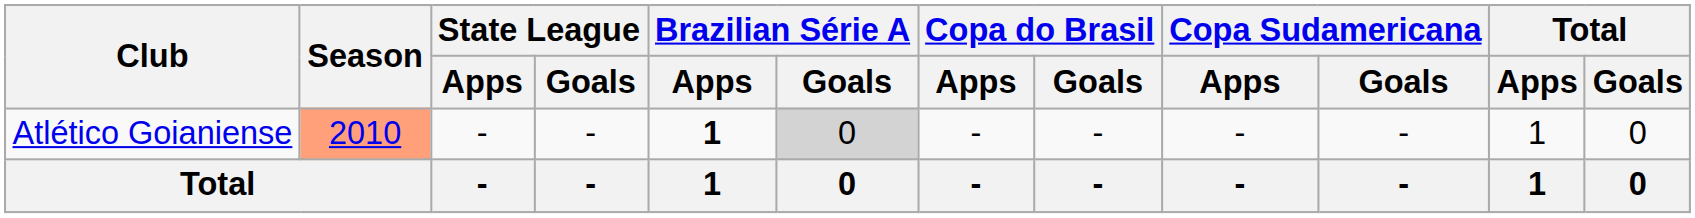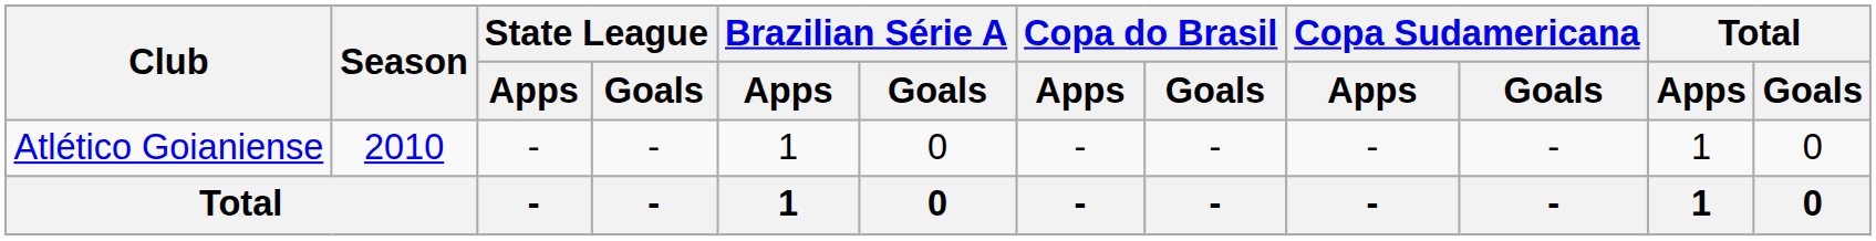 <table class="wikitable" style="text-align: center;">
 <tr>
 <th rowspan="2">Club</th>
 <th rowspan="2">Season</th>
 <th colspan="2">State League</th>
 <th colspan="2"><a href='#'>Brazilian Série A</a></th>
 <th colspan="2"><a href='#'>Copa do Brasil</a></th>
 <th colspan="2"><a href='#'>Copa Sudamericana</a></th>
 <th colspan="2">Total</th>
 </tr>
 <tr>
 <th>Apps</th>
 <th>Goals</th>
 <th>Apps</th>
 <th>Goals</th>
 <th>Apps</th>
 <th>Goals</th>
 <th>Apps</th>
 <th>Goals</th>
 <th>Apps</th>
 <th>Goals</th>
 </tr>
 <tr>
 <td rowspan="1" valign="center"><a href='#'>Atlético Goianiense</a></td>
-<td style="background: lightsalmon;"><a href='#'>2010</a></td>
+<td><a href='#'>2010</a></td>
 <td>-</td>
 <td>-</td>
-<td><strong>1</strong></td>
-<td style="background: lightgrey;">0</td>
+<td>1</td>
+<td>0</td>
 <td>-</td>
 <td>-</td>
 <td>-</td>
 <td>-</td>
 <td>1</td>
 <td>0</td>
 </tr>
 <tr>
 <th colspan="2"><strong>Total</strong></th>
 <th>-</th>
 <th>-</th>
 <th>1</th>
 <th>0</th>
 <th>-</th>
 <th>-</th>
 <th>-</th>
 <th>-</th>
 <th>1</th>
 <th>0</th>
 </tr>
 </table>
